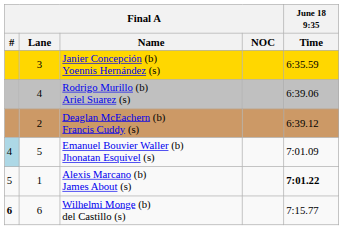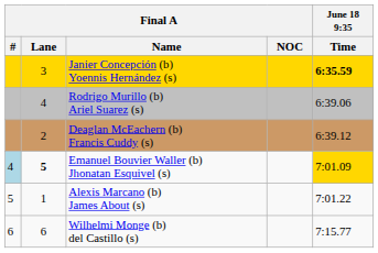 <table class="wikitable" width=500>
 <tr>
 <th colspan=4>Final A</th>
 <th colspan=2><small>June 18<br>9:35</small></th>
 </tr>
 <tr>
 <th>#</th>
 <th>Lane</th>
 <th>Name</th>
 <th>NOC</th>
 <th>Time</th>
 </tr>
 <tr bgcolor=gold>
 <td></td>
 <td align=center>3</td>
 <td><a href='#'>Janier Concepción</a> (b)<br><a href='#'>Yoennis Hernández</a> (s)</td>
 <td></td>
-<td>6:35.59</td>
+<td><strong>6:35.59</strong></td>
 </tr>
 <tr bgcolor=silver>
 <td></td>
 <td align=center>4</td>
 <td><a href='#'>Rodrigo Murillo</a> (b)<br><a href='#'>Ariel Suarez</a> (s)</td>
 <td></td>
 <td>6:39.06</td>
 </tr>
 <tr bgcolor=cc9966>
 <td></td>
 <td align=center>2</td>
 <td><a href='#'>Deaglan McEachern</a> (b) <br> <a href='#'>Francis Cuddy</a> (s)</td>
 <td></td>
 <td>6:39.12</td>
 </tr>
 <tr>
 <td style="background: lightblue;">4</td>
-<td align=center>5</td>
+<td align=center><strong>5</strong></td>
 <td><a href='#'>Emanuel Bouvier Waller</a> (b) <br> <a href='#'>Jhonatan Esquivel</a> (s)</td>
 <td></td>
-<td>7:01.09</td>
+<td style="background: gold;">7:01.09</td>
 </tr>
 <tr>
 <td>5</td>
 <td align=center>1</td>
 <td><a href='#'>Alexis Marcano</a> (b) <br> <a href='#'>James About</a> (s)</td>
 <td></td>
-<td><strong>7:01.22</strong></td>
+<td>7:01.22</td>
 </tr>
 <tr>
-<td><strong>6</strong></td>
+<td>6</td>
 <td align=center>6</td>
 <td><a href='#'>Wilhelmi Monge</a> (b) <br> del Castillo (s)</td>
 <td></td>
 <td>7:15.77</td>
 </tr>
 </table>
